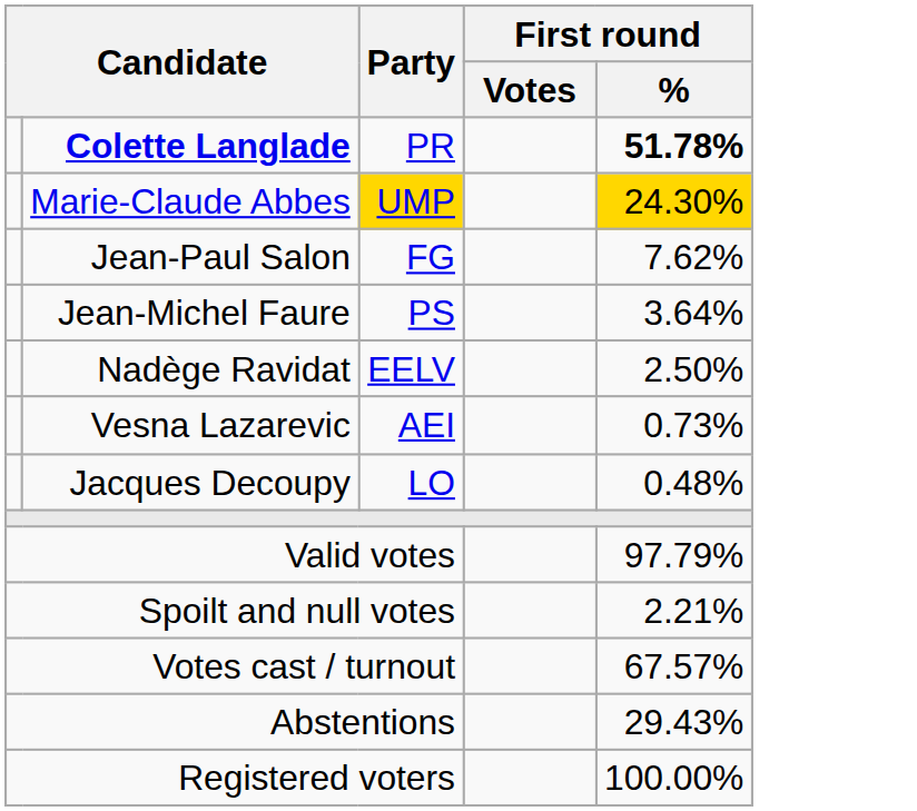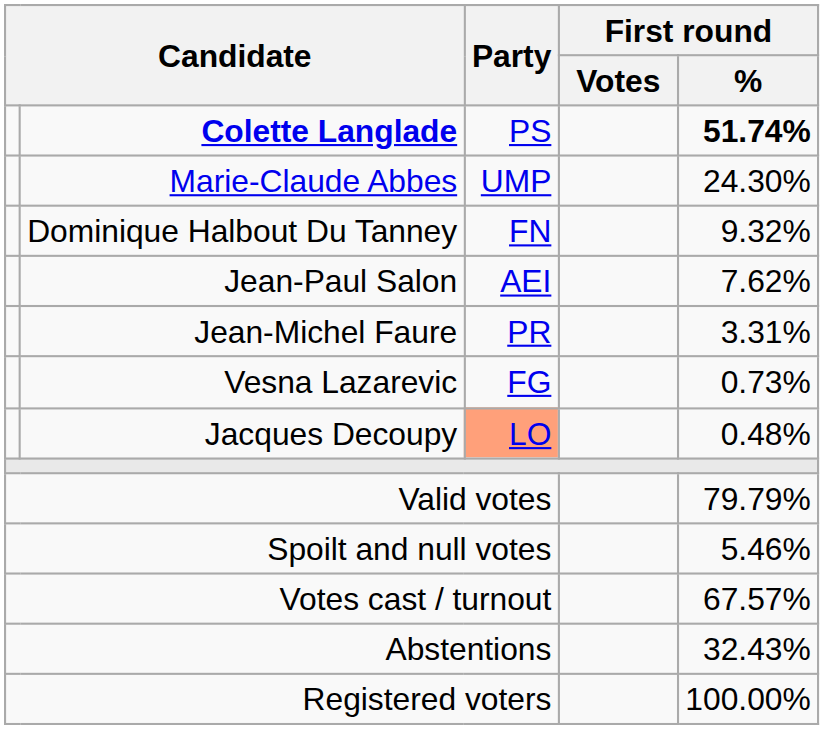 <table class="wikitable" style="text-align:right;font-size:95%;">
 <tr>
 <th rowspan=2 colspan=2>Candidate</th>
 <th rowspan=2 colspan=1>Party</th>
 <th colspan=2>First round</th>
 </tr>
 <tr>
 <th style="width:50px;">Votes</th>
 <th style="width:55px;">%</th>
 </tr>
 <tr>
 <td style="color:inherit;background-color:"></td>
 <td><strong><a href='#'>Colette Langlade</a></strong></td>
-<td><a href='#'>PR</a></td>
+<td><a href='#'>PS</a></td>
 <td><strong></strong></td>
-<td><strong>51.78%</strong></td>
+<td><strong>51.74%</strong></td>
 </tr>
 <tr>
 <td style="color:inherit;background-color:"></td>
 <td><a href='#'>Marie-Claude Abbes</a></td>
-<td style="background: gold;"><a href='#'>UMP</a></td>
+<td><a href='#'>UMP</a></td>
 <td></td>
-<td style="background: gold;">24.30%</td>
+<td>24.30%</td>
+</tr>
+<tr>
+<td style="color:inherit;background-color:"></td>
+<td>Dominique Halbout Du Tanney</td>
+<td><a href='#'>FN</a></td>
+<td></td>
+<td>9.32%</td>
 </tr>
 <tr>
 <td style="color:inherit;background-color:"></td>
 <td>Jean-Paul Salon</td>
-<td><a href='#'>FG</a></td>
+<td><a href='#'>AEI</a></td>
 <td></td>
 <td>7.62%</td>
 </tr>
 <tr>
 <td style="color:inherit;background-color:"></td>
 <td>Jean-Michel Faure</td>
-<td><a href='#'>PS</a></td>
+<td><a href='#'>PR</a></td>
 <td></td>
-<td>3.64%</td>
-</tr>
-<tr>
-<td style="color:inherit;background-color:"></td>
-<td>Nadège Ravidat</td>
-<td><a href='#'>EELV</a></td>
-<td></td>
-<td>2.50%</td>
+<td>3.31%</td>
 </tr>
 <tr>
 <td style="color:inherit;background-color:"></td>
 <td>Vesna Lazarevic</td>
-<td><a href='#'>AEI</a></td>
+<td><a href='#'>FG</a></td>
 <td></td>
 <td>0.73%</td>
 </tr>
 <tr>
 <td style="color:inherit;background-color:"></td>
 <td>Jacques Decoupy</td>
-<td><a href='#'>LO</a></td>
+<td style="background: lightsalmon;"><a href='#'>LO</a></td>
 <td></td>
 <td>0.48%</td>
 </tr>
 <tr>
 <td colspan=5 style="background-color:#E9E9E9;"></td>
 </tr>
 <tr>
 <td colspan=3>Valid votes</td>
 <td></td>
-<td>97.79%</td>
+<td>79.79%</td>
 </tr>
 <tr>
 <td colspan=3>Spoilt and null votes</td>
 <td></td>
-<td>2.21%</td>
+<td>5.46%</td>
 </tr>
 <tr>
 <td colspan=3>Votes cast / turnout</td>
 <td></td>
 <td>67.57%</td>
 </tr>
 <tr>
 <td colspan=3>Abstentions</td>
 <td></td>
-<td>29.43%</td>
+<td>32.43%</td>
 </tr>
 <tr>
 <td colspan=3>Registered voters</td>
 <td></td>
 <td>100.00%</td>
 </tr>
 </table>
